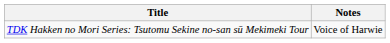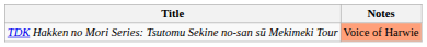 <table class="wikitable">
 <tr>
 <th>Title</th>
 <th>Notes</th>
 </tr>
 <tr>
 <td><em><a href='#'>TDK</a> Hakken no Mori Series: Tsutomu Sekine no-san sū Mekimeki Tour</em></td>
-<td>Voice of Harwie</td>
+<td style="background: lightsalmon;">Voice of Harwie</td>
 </tr>
 </table>
